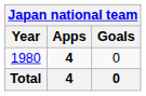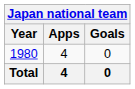 <table class="wikitable" style="text-align:center">
 <tr>
 <th colspan=3><a href='#'>Japan national team</a></th>
 </tr>
 <tr>
 <th>Year</th>
 <th>Apps</th>
 <th>Goals</th>
 </tr>
 <tr>
 <td><a href='#'>1980</a></td>
-<td><strong>4</strong></td>
+<td>4</td>
 <td>0</td>
 </tr>
 <tr>
 <th>Total</th>
 <th>4</th>
 <th>0</th>
 </tr>
 </table>
